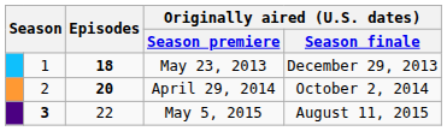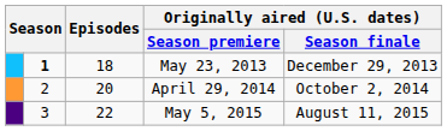 <table class="wikitable" style="text-align:center;">
 <tr>
 <th colspan="2" rowspan="2">Season</th>
 <th rowspan="2">Episodes</th>
 <th colspan="2">Originally aired (U.S. dates)</th>
 </tr>
 <tr>
 <th><a href='#'>Season premiere</a></th>
 <th><a href='#'>Season finale</a></th>
 </tr>
 <tr>
 <td style="background:#0FC0FC; height:10px;"></td>
-<td>1</td>
-<td><strong>18</strong></td>
+<td><strong>1</strong></td>
+<td>18</td>
 <td>May 23, 2013</td>
 <td>December 29, 2013</td>
 </tr>
 <tr>
 <td style="background:#f93; height:10px;"></td>
 <td>2</td>
-<td><strong>20</strong></td>
+<td>20</td>
 <td>April 29, 2014</td>
 <td>October 2, 2014</td>
 </tr>
 <tr>
 <td style="background:#4B0082; height:10px;"></td>
-<td><strong>3</strong></td>
+<td>3</td>
 <td>22</td>
 <td>May 5, 2015</td>
 <td>August 11, 2015</td>
 </tr>
 </table>
